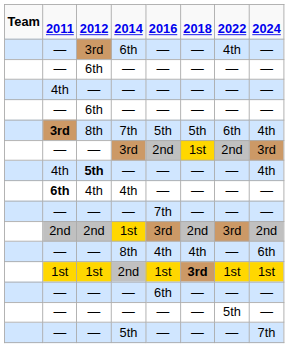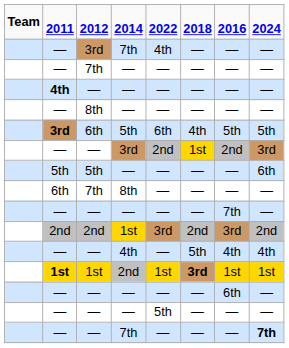 <table class="wikitable" style="text-align:center; font-size:90%">
 <tr>
 <td><strong>Team</strong></td>
 <td><strong><br><a href='#'>2011</a></strong></td>
 <td><strong><br><a href='#'>2012</a></strong></td>
 <td><strong><br><a href='#'>2014</a></strong></td>
+<td><strong><br><a href='#'>2022</a></strong></td>
+<td><strong><br><a href='#'>2018</a></strong></td>
 <td><strong><br><a href='#'>2016</a></strong></td>
-<td><strong><br><a href='#'>2018</a></strong></td>
-<td><strong><br><a href='#'>2022</a></strong></td>
 <td><strong><br><a href='#'>2024</a></strong></td>
 </tr>
 <tr bgcolor=#D0E6FF>
 <td align=left></td>
 <td>—</td>
 <td bgcolor=#cc9966>3rd</td>
-<td>6th</td>
+<td>7th</td>
+<td>4th</td>
 <td>—</td>
 <td>—</td>
-<td>4th</td>
 <td>—</td>
 </tr>
 <tr bgcolor=#FFFFFF>
 <td align=left></td>
 <td>—</td>
-<td>6th</td>
+<td>7th</td>
 <td>—</td>
 <td>—</td>
 <td>—</td>
 <td>—</td>
 <td>—</td>
 </tr>
 <tr bgcolor=#D0E6FF>
 <td align=left></td>
-<td>4th</td>
+<td><strong>4th</strong></td>
 <td>—</td>
 <td>—</td>
 <td>—</td>
 <td>—</td>
 <td>—</td>
 <td>—</td>
 </tr>
 <tr bgcolor=#FFFFFF>
 <td align=left></td>
 <td>—</td>
-<td>6th</td>
+<td>8th</td>
 <td>—</td>
 <td>—</td>
 <td>—</td>
 <td>—</td>
 <td>—</td>
 </tr>
 <tr bgcolor=#D0E6FF>
 <td align=left></td>
 <td bgcolor=#cc9966><strong>3rd</strong></td>
-<td>8th</td>
-<td>7th</td>
-<td>5th</td>
+<td>6th</td>
 <td>5th</td>
 <td>6th</td>
 <td>4th</td>
+<td>5th</td>
+<td>5th</td>
 </tr>
 <tr bgcolor=#FFFFFF>
 <td align=left></td>
 <td>—</td>
 <td>—</td>
 <td bgcolor=#cc9966>3rd</td>
 <td bgcolor=silver>2nd</td>
 <td bgcolor=gold>1st</td>
 <td bgcolor=silver>2nd</td>
 <td bgcolor=#cc9966>3rd</td>
 </tr>
 <tr bgcolor=#D0E6FF>
 <td align=left></td>
-<td>4th</td>
-<td><strong>5th</strong></td>
+<td>5th</td>
+<td>5th</td>
 <td>—</td>
 <td>—</td>
 <td>—</td>
 <td>—</td>
-<td>4th</td>
+<td>6th</td>
 </tr>
 <tr bgcolor=#FFFFFF>
 <td align=left></td>
-<td><strong>6th</strong></td>
-<td>4th</td>
-<td>4th</td>
+<td>6th</td>
+<td>7th</td>
+<td>8th</td>
 <td>—</td>
 <td>—</td>
 <td>—</td>
 <td>—</td>
 </tr>
 <tr bgcolor=#D0E6FF>
 <td align=left></td>
 <td>—</td>
 <td>—</td>
 <td>—</td>
-<td>7th</td>
 <td>—</td>
 <td>—</td>
+<td>7th</td>
 <td>—</td>
 </tr>
 <tr bgcolor=#FFFFFF>
 <td align=left></td>
 <td bgcolor=silver>2nd</td>
 <td bgcolor=silver>2nd</td>
 <td bgcolor=gold>1st</td>
 <td bgcolor=#cc9966>3rd</td>
 <td bgcolor=silver>2nd</td>
 <td bgcolor=#cc9966>3rd</td>
 <td bgcolor=silver>2nd</td>
 </tr>
 <tr bgcolor=#D0E6FF>
 <td align=left></td>
 <td>—</td>
 <td>—</td>
-<td>8th</td>
+<td>4th</td>
+<td>—</td>
+<td>5th</td>
 <td>4th</td>
 <td>4th</td>
-<td>—</td>
-<td>6th</td>
 </tr>
 <tr bgcolor=#FFFFFF>
 <td align=left></td>
-<td bgcolor=gold>1st</td>
+<td bgcolor=gold><strong>1st</strong></td>
 <td bgcolor=gold>1st</td>
 <td bgcolor=silver>2nd</td>
 <td bgcolor=gold>1st</td>
 <td bgcolor=#cc9966><strong>3rd</strong></td>
 <td bgcolor=gold>1st</td>
 <td bgcolor=gold>1st</td>
 </tr>
 <tr bgcolor=#D0E6FF>
 <td align=left></td>
 <td>—</td>
 <td>—</td>
 <td>—</td>
-<td>6th</td>
 <td>—</td>
 <td>—</td>
+<td>6th</td>
 <td>—</td>
 </tr>
 <tr bgcolor=#FFFFFF>
 <td align=left></td>
 <td>—</td>
 <td>—</td>
 <td>—</td>
+<td>5th</td>
 <td>—</td>
 <td>—</td>
-<td>5th</td>
 <td>—</td>
 </tr>
 <tr bgcolor=#D0E6FF>
 <td align=left></td>
 <td>—</td>
 <td>—</td>
-<td>5th</td>
+<td>7th</td>
 <td>—</td>
 <td>—</td>
 <td>—</td>
-<td>7th</td>
+<td><strong>7th</strong></td>
 </tr>
 </table>
